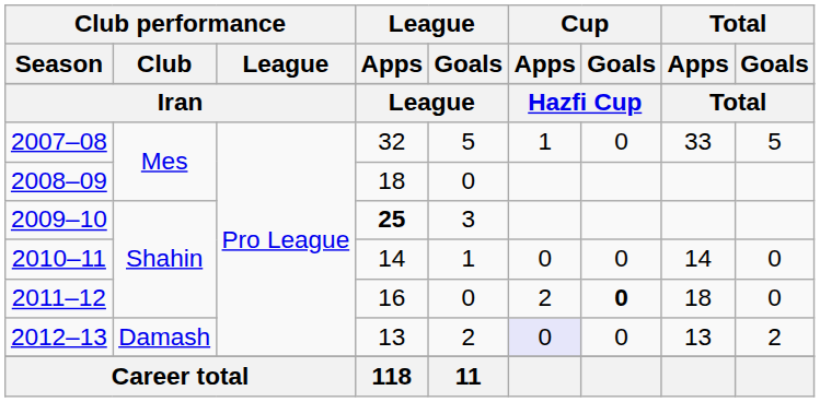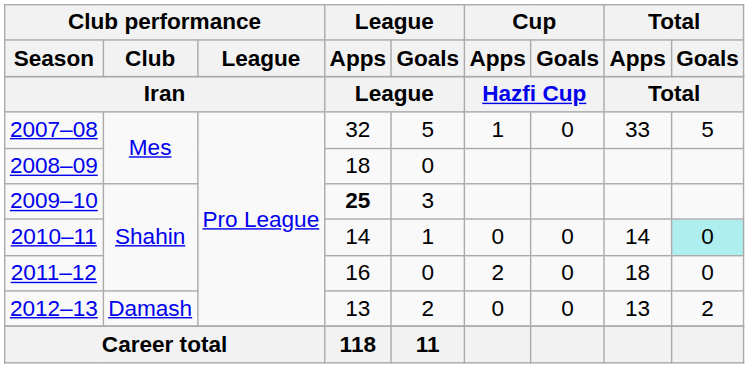 <table class="wikitable" style="text-align:center">
 <tr>
 <th colspan=3>Club performance</th>
 <th colspan=2>League</th>
 <th colspan=2>Cup</th>
 <th colspan=2>Total</th>
 </tr>
 <tr>
 <th>Season</th>
 <th>Club</th>
 <th>League</th>
 <th>Apps</th>
 <th>Goals</th>
 <th>Apps</th>
 <th>Goals</th>
 <th>Apps</th>
 <th>Goals</th>
 </tr>
 <tr>
 </tr>
 <tr>
 <th colspan=3>Iran</th>
 <th colspan=2>League</th>
 <th colspan=2><a href='#'>Hazfi Cup</a></th>
 <th colspan=2>Total</th>
 </tr>
 <tr>
 <td><a href='#'>2007–08</a></td>
 <td rowspan="2"><a href='#'>Mes</a></td>
 <td rowspan="6"><a href='#'>Pro League</a></td>
 <td>32</td>
 <td>5</td>
 <td>1</td>
 <td>0</td>
 <td>33</td>
 <td>5</td>
 </tr>
 <tr>
 <td><a href='#'>2008–09</a></td>
 <td>18</td>
 <td>0</td>
 <td></td>
 <td></td>
 <td></td>
 <td></td>
 </tr>
 <tr>
 <td><a href='#'>2009–10</a></td>
 <td rowspan="3"><a href='#'>Shahin</a></td>
 <td><strong>25</strong></td>
 <td>3</td>
 <td></td>
 <td></td>
 <td></td>
 <td></td>
 </tr>
 <tr>
 <td><a href='#'>2010–11</a></td>
 <td>14</td>
 <td>1</td>
 <td>0</td>
 <td>0</td>
 <td>14</td>
-<td>0</td>
+<td style="background: paleturquoise;">0</td>
 </tr>
 <tr>
 <td><a href='#'>2011–12</a></td>
 <td>16</td>
 <td>0</td>
 <td>2</td>
-<td><strong>0</strong></td>
+<td>0</td>
 <td>18</td>
 <td>0</td>
 </tr>
 <tr>
 <td><a href='#'>2012–13</a></td>
 <td><a href='#'>Damash</a></td>
 <td>13</td>
 <td>2</td>
-<td style="background: lavender;">0</td>
+<td>0</td>
 <td>0</td>
 <td>13</td>
 <td>2</td>
 </tr>
 <tr>
 </tr>
 <tr>
 <th colspan=3>Career total</th>
 <th>118</th>
 <th>11</th>
 <th></th>
 <th></th>
 <th></th>
 <th></th>
 </tr>
 </table>
